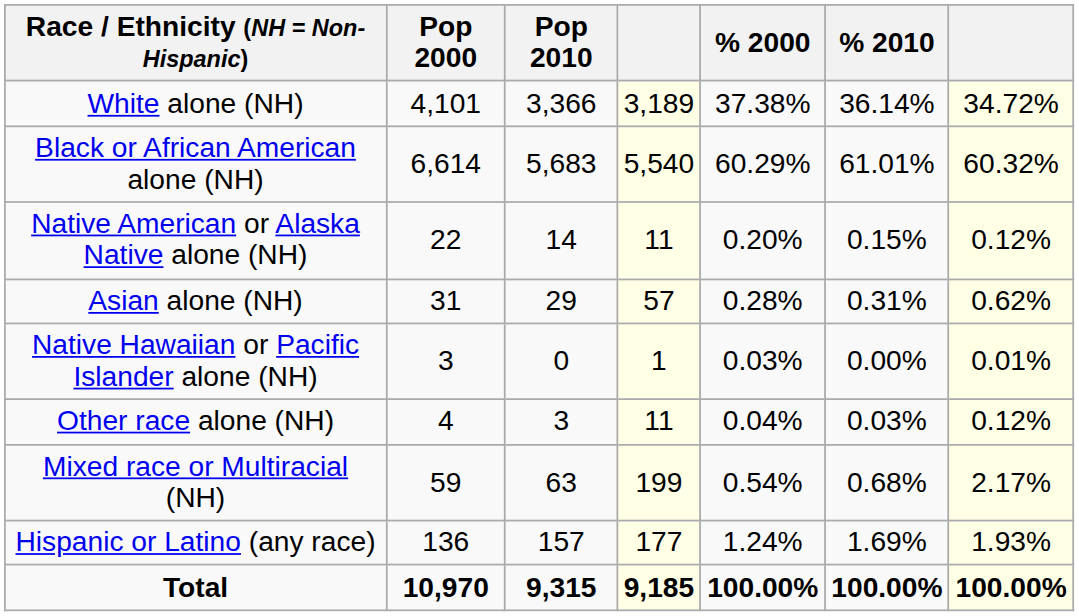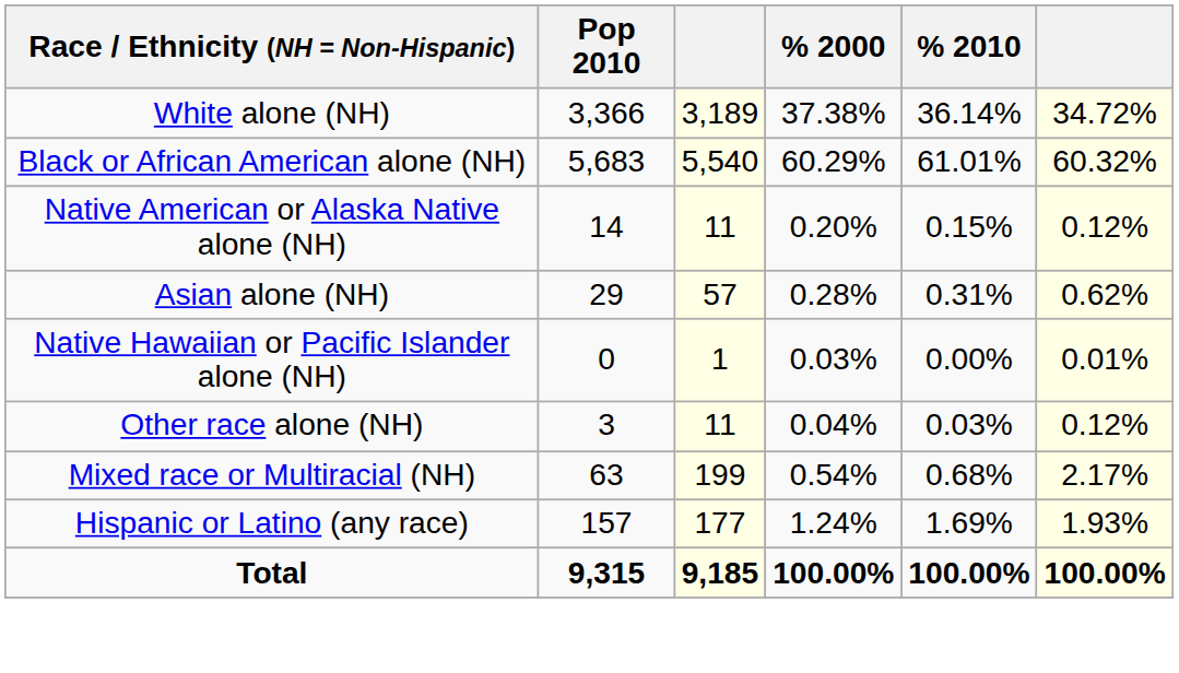 <table class="wikitable" style="text-align:center;">
 <tr>
 <th>Race / Ethnicity <small>(<em>NH = Non-Hispanic</em>)</small></th>
-<th>Pop 2000</th>
 <th>Pop 2010</th>
 <th></th>
 <th>% 2000</th>
 <th>% 2010</th>
 <th></th>
 </tr>
 <tr>
 <td><a href='#'>White</a> alone (NH)</td>
-<td>4,101</td>
 <td>3,366</td>
 <td style='background: #ffffe6;'>3,189</td>
 <td>37.38%</td>
 <td>36.14%</td>
 <td style='background: #ffffe6;'>34.72%</td>
 </tr>
 <tr>
 <td><a href='#'>Black or African American</a> alone (NH)</td>
-<td>6,614</td>
 <td>5,683</td>
 <td style='background: #ffffe6;'>5,540</td>
 <td>60.29%</td>
 <td>61.01%</td>
 <td style='background: #ffffe6;'>60.32%</td>
 </tr>
 <tr>
 <td><a href='#'>Native American</a> or <a href='#'>Alaska Native</a> alone (NH)</td>
-<td>22</td>
 <td>14</td>
 <td style='background: #ffffe6;'>11</td>
 <td>0.20%</td>
 <td>0.15%</td>
 <td style='background: #ffffe6;'>0.12%</td>
 </tr>
 <tr>
 <td><a href='#'>Asian</a> alone (NH)</td>
-<td>31</td>
 <td>29</td>
 <td style='background: #ffffe6;'>57</td>
 <td>0.28%</td>
 <td>0.31%</td>
 <td style='background: #ffffe6;'>0.62%</td>
 </tr>
 <tr>
 <td><a href='#'>Native Hawaiian</a> or <a href='#'>Pacific Islander</a> alone (NH)</td>
-<td>3</td>
 <td>0</td>
 <td style='background: #ffffe6;'>1</td>
 <td>0.03%</td>
 <td>0.00%</td>
 <td style='background: #ffffe6;'>0.01%</td>
 </tr>
 <tr>
 <td><a href='#'>Other race</a> alone (NH)</td>
-<td>4</td>
 <td>3</td>
 <td style='background: #ffffe6;'>11</td>
 <td>0.04%</td>
 <td>0.03%</td>
 <td style='background: #ffffe6;'>0.12%</td>
 </tr>
 <tr>
 <td><a href='#'>Mixed race or Multiracial</a> (NH)</td>
-<td>59</td>
 <td>63</td>
 <td style='background: #ffffe6;'>199</td>
 <td>0.54%</td>
 <td>0.68%</td>
 <td style='background: #ffffe6;'>2.17%</td>
 </tr>
 <tr>
 <td><a href='#'>Hispanic or Latino</a> (any race)</td>
-<td>136</td>
 <td>157</td>
 <td style='background: #ffffe6;'>177</td>
 <td>1.24%</td>
 <td>1.69%</td>
 <td style='background: #ffffe6;'>1.93%</td>
 </tr>
 <tr>
 <td><strong>Total</strong></td>
-<td><strong>10,970</strong></td>
 <td><strong>9,315</strong></td>
 <td style='background: #ffffe6;'><strong>9,185</strong></td>
 <td><strong>100.00%</strong></td>
 <td><strong>100.00%</strong></td>
 <td style='background: #ffffe6;'><strong>100.00%</strong></td>
 </tr>
 </table>
